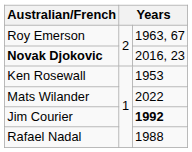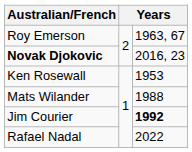 <table class=wikitable style="display:inline-table;">
 <tr>
 <th>Australian/French</th>
 <th colspan=2>Years</th>
 </tr>
 <tr>
 <td> Roy Emerson</td>
 <td rowspan=2>2</td>
 <td>1963, 67</td>
 </tr>
 <tr>
 <td> <strong>Novak Djokovic</strong></td>
 <td>2016, 23</td>
 </tr>
 <tr>
 <td> Ken Rosewall</td>
 <td rowspan=4>1</td>
 <td>1953</td>
 </tr>
 <tr>
 <td> Mats Wilander</td>
-<td>2022</td>
+<td>1988</td>
 </tr>
 <tr>
 <td> Jim Courier</td>
 <td><strong>1992</strong></td>
 </tr>
 <tr>
 <td> Rafael Nadal</td>
-<td>1988</td>
+<td>2022</td>
 </tr>
 </table>
